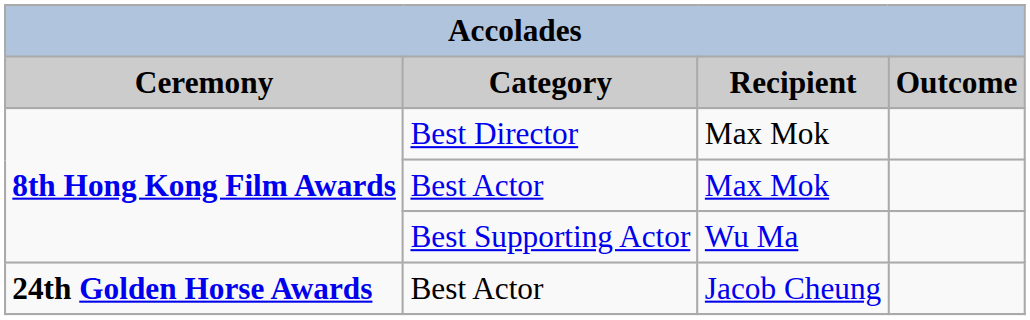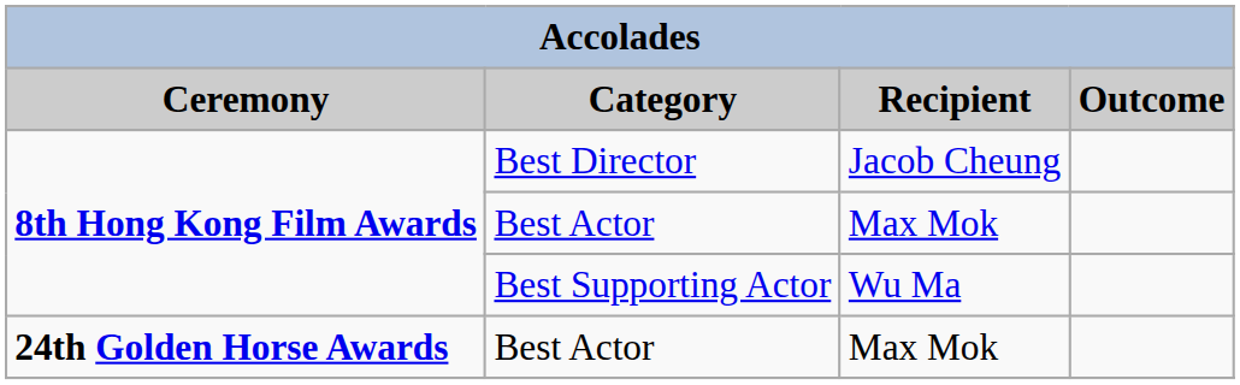 <table class="wikitable" style="font-size:95%;" ;>
 <tr style="background:#ccc; text-align:center;">
 <th colspan="4" style="background: LightSteelBlue;">Accolades</th>
 </tr>
 <tr style="background:#ccc; text-align:center;">
 <th style="background:#ccc">Ceremony</th>
 <th style="background:#ccc">Category</th>
 <th style="background:#ccc">Recipient</th>
 <th style="background:#ccc">Outcome</th>
 </tr>
 <tr>
 <td rowspan=3><strong><a href='#'>8th Hong Kong Film Awards</a></strong></td>
 <td><a href='#'>Best Director</a></td>
-<td>Max Mok</td>
+<td><a href='#'>Jacob Cheung</a></td>
 <td></td>
 </tr>
 <tr>
 <td><a href='#'>Best Actor</a></td>
 <td><a href='#'>Max Mok</a></td>
 <td></td>
 </tr>
 <tr>
 <td><a href='#'>Best Supporting Actor</a></td>
 <td><a href='#'>Wu Ma</a></td>
 <td></td>
 </tr>
 <tr>
 <td><strong>24th <a href='#'>Golden Horse Awards</a></strong></td>
 <td>Best Actor</td>
-<td><a href='#'>Jacob Cheung</a></td>
+<td>Max Mok</td>
 <td></td>
 </tr>
 <tr>
 </tr>
 </table>
